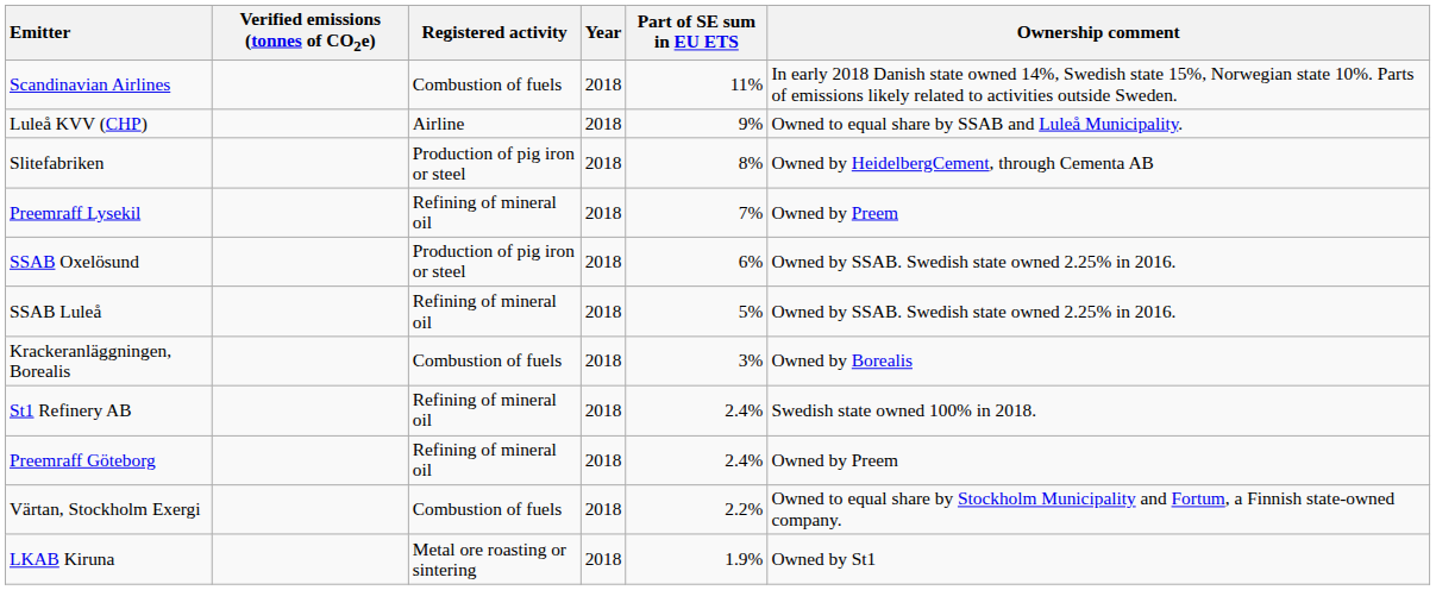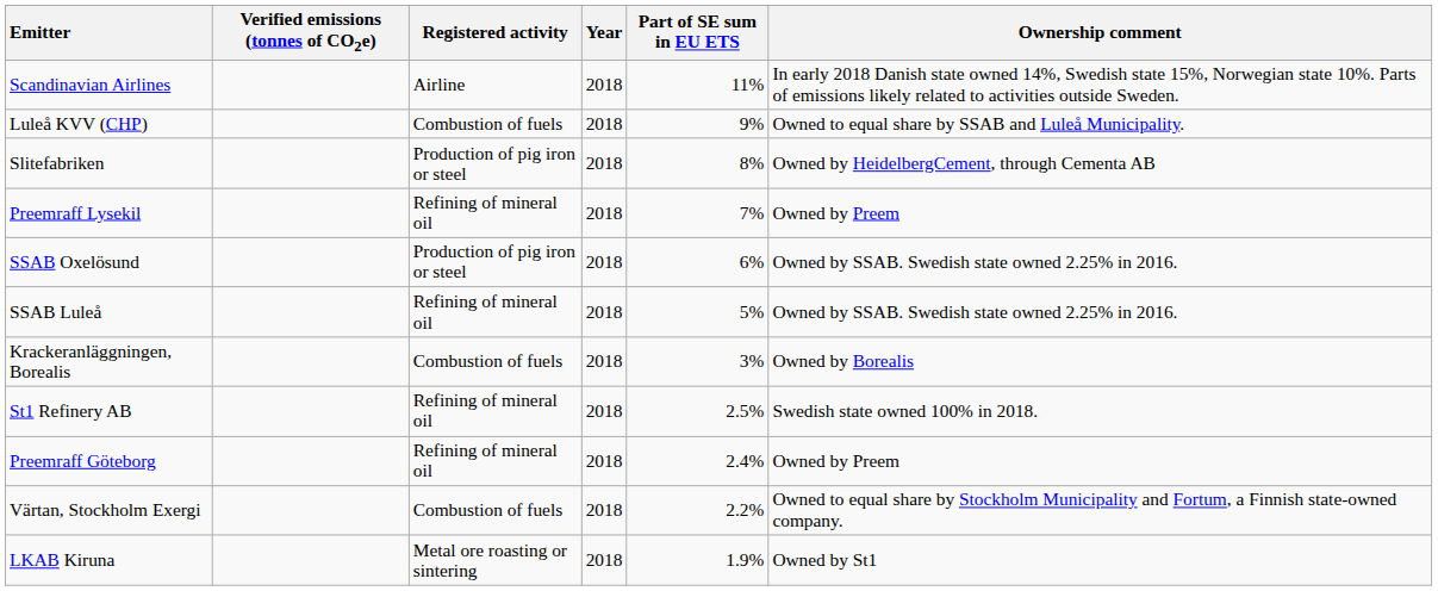 <table class="wikitable mw-collapsible" style="text-align:right">
 <tr>
 <th style="text-align:left;"><strong>Emitter</strong></th>
 <th>Verified emissions (<a href='#'>tonnes</a> of CO<sub>2</sub>e)</th>
 <th>Registered activity</th>
 <th>Year</th>
 <th>Part of SE sum in <a href='#'>EU ETS</a></th>
 <th>Ownership comment</th>
 </tr>
 <tr>
 <td style="text-align:left;"><a href='#'>Scandinavian Airlines</a></td>
 <td></td>
-<td style="text-align:left;">Combustion of fuels</td>
+<td style="text-align:left;">Airline</td>
 <td>2018</td>
 <td>11%</td>
 <td style="text-align:left;">In early 2018 Danish state owned 14%, Swedish state 15%, Norwegian state 10%. Parts of emissions likely related to activities outside Sweden.</td>
 </tr>
 <tr>
 <td style="text-align:left;">Luleå KVV (<a href='#'>CHP</a>)</td>
 <td>  </td>
-<td style="text-align:left;">Airline</td>
+<td style="text-align:left;">Combustion of fuels</td>
 <td>2018</td>
 <td>9%</td>
 <td style="text-align:left;">Owned to equal share by SSAB and <a href='#'>Luleå Municipality</a>.</td>
 </tr>
 <tr>
 <td style="text-align:left;">Slitefabriken</td>
 <td></td>
 <td style="text-align:left;">Production of pig iron or steel</td>
 <td>2018</td>
 <td>8%</td>
 <td style="text-align:left;">Owned by <a href='#'>HeidelbergCement</a>, through Cementa AB</td>
 </tr>
 <tr>
 <td style="text-align:left;"><a href='#'>Preemraff Lysekil</a></td>
 <td></td>
 <td style="text-align:left;">Refining of mineral oil</td>
 <td>2018</td>
 <td>7%</td>
 <td style="text-align:left;">Owned by <a href='#'>Preem</a></td>
 </tr>
 <tr>
 <td style="text-align:left;"><a href='#'>SSAB</a> Oxelösund</td>
 <td></td>
 <td style="text-align:left;">Production of pig iron or steel</td>
 <td>2018</td>
 <td>6%</td>
 <td style="text-align:left;">Owned by SSAB. Swedish state owned 2.25% in 2016.</td>
 </tr>
 <tr>
 <td style="text-align:left;">SSAB Luleå</td>
 <td></td>
 <td style="text-align:left;">Refining of mineral oil</td>
 <td>2018</td>
 <td>5%</td>
 <td style="text-align:left;">Owned by SSAB. Swedish state owned 2.25% in 2016.</td>
 </tr>
 <tr>
 <td style="text-align:left;">Krackeranläggningen, Borealis</td>
 <td></td>
 <td style="text-align:left;">Combustion of fuels</td>
 <td>2018</td>
 <td>3%</td>
 <td style="text-align:left;">Owned by <a href='#'>Borealis</a></td>
 </tr>
 <tr>
 <td style="text-align:left;"><a href='#'>St1</a> Refinery AB</td>
 <td></td>
 <td style="text-align:left;">Refining of mineral oil</td>
 <td>2018</td>
-<td>2.4%</td>
+<td>2.5%</td>
 <td style="text-align:left;">Swedish state owned 100% in 2018.</td>
 </tr>
 <tr>
 <td style="text-align:left;"><a href='#'>Preemraff Göteborg</a></td>
 <td></td>
 <td style="text-align:left;">Refining of mineral oil</td>
 <td>2018</td>
 <td>2.4%</td>
 <td style="text-align:left;">Owned by Preem</td>
 </tr>
 <tr>
 <td style="text-align:left;">Värtan, Stockholm Exergi</td>
 <td></td>
 <td style="text-align:left;">Combustion of fuels</td>
 <td>2018</td>
 <td>2.2%</td>
 <td style="text-align:left;">Owned to equal share by <a href='#'>Stockholm Municipality</a> and <a href='#'>Fortum</a>, a Finnish state-owned company.</td>
 </tr>
 <tr>
 <td style="text-align:left;"><a href='#'>LKAB</a> Kiruna</td>
 <td></td>
 <td style="text-align:left;">Metal ore roasting or sintering</td>
 <td>2018</td>
 <td>1.9%</td>
 <td style="text-align:left;">Owned by St1</td>
 </tr>
 </table>
